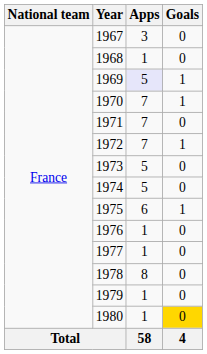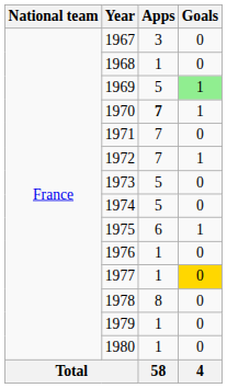 <table class="wikitable" style="text-align:center">
 <tr>
 <th>National team</th>
 <th>Year</th>
 <th>Apps</th>
 <th>Goals</th>
 </tr>
 <tr>
 <td rowspan="14"><a href='#'>France</a></td>
 <td>1967</td>
 <td>3</td>
 <td>0</td>
 </tr>
 <tr>
 <td>1968</td>
 <td>1</td>
 <td>0</td>
 </tr>
 <tr>
 <td>1969</td>
-<td style="background: lavender;">5</td>
-<td>1</td>
+<td>5</td>
+<td style="background: lightgreen;">1</td>
 </tr>
 <tr>
 <td>1970</td>
-<td>7</td>
+<td><strong>7</strong></td>
 <td>1</td>
 </tr>
 <tr>
 <td>1971</td>
 <td>7</td>
 <td>0</td>
 </tr>
 <tr>
 <td>1972</td>
 <td>7</td>
 <td>1</td>
 </tr>
 <tr>
 <td>1973</td>
 <td>5</td>
 <td>0</td>
 </tr>
 <tr>
 <td>1974</td>
 <td>5</td>
 <td>0</td>
 </tr>
 <tr>
 <td>1975</td>
 <td>6</td>
 <td>1</td>
 </tr>
 <tr>
 <td>1976</td>
 <td>1</td>
 <td>0</td>
 </tr>
 <tr>
 <td>1977</td>
 <td>1</td>
-<td>0</td>
+<td style="background: gold;">0</td>
 </tr>
 <tr>
 <td>1978</td>
 <td>8</td>
 <td>0</td>
 </tr>
 <tr>
 <td>1979</td>
 <td>1</td>
 <td>0</td>
 </tr>
 <tr>
 <td>1980</td>
 <td>1</td>
-<td style="background: gold;">0</td>
+<td>0</td>
 </tr>
 <tr>
 <th colspan="2">Total</th>
 <th>58</th>
 <th>4</th>
 </tr>
 </table>
